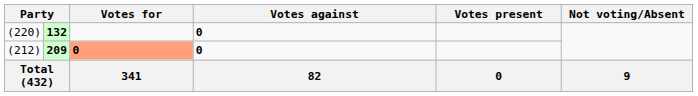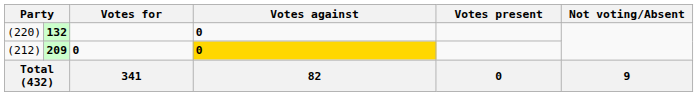 <table class="wikitable mw-collapsible mw-collapsed" style="width:50%;">
 <tr>
 <th colspan="2">Party</th>
 <th style="width:20%;">Votes for</th>
 <th style="width:40%;">Votes against</th>
 <th style="width:20%;">Votes present</th>
 <th style="width:20%;">Not voting/Absent</th>
 </tr>
 <tr>
 <td> (220)</td>
 <td style="background:#cfc;"><strong>132</strong></td>
 <td></td>
 <td><strong>0</strong></td>
 <td></td>
 </tr>
 <tr>
 <td> (212)</td>
 <td style="background:#cfc;"><strong>209</strong></td>
-<td style="background: lightsalmon;"><strong>0</strong></td>
 <td><strong>0</strong></td>
+<td style="background: gold;"><strong>0</strong></td>
 <td></td>
 </tr>
 <tr>
 <th colspan="2">Total (432)</th>
 <th>341</th>
 <th>82</th>
 <th>0</th>
 <th>9</th>
 </tr>
 </table>
